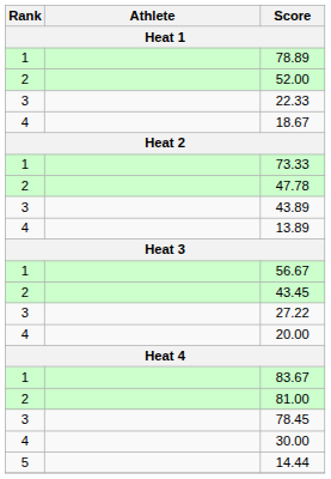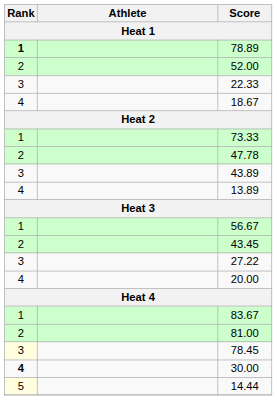 <table class="wikitable" style="text-align:center;">
 <tr>
 <th width=40>Rank</th>
 <th width=250>Athlete</th>
 <th width=70>Score</th>
 </tr>
 <tr>
 <th colspan=3>Heat 1</th>
 </tr>
 <tr bgcolor="ccffcc">
-<td>1</td>
+<td><strong>1</strong></td>
 <td align=left></td>
 <td>78.89</td>
 </tr>
 <tr bgcolor="ccffcc">
 <td>2</td>
 <td align=left></td>
 <td>52.00</td>
 </tr>
 <tr>
 <td>3</td>
 <td align=left></td>
 <td>22.33</td>
 </tr>
 <tr>
 <td>4</td>
 <td align=left></td>
 <td>18.67</td>
 </tr>
 <tr>
 <th colspan=3>Heat 2</th>
 </tr>
 <tr bgcolor="ccffcc">
 <td>1</td>
 <td align=left></td>
 <td>73.33</td>
 </tr>
 <tr bgcolor="ccffcc">
 <td>2</td>
 <td align=left></td>
 <td>47.78</td>
 </tr>
 <tr>
 <td>3</td>
 <td align=left></td>
 <td>43.89</td>
 </tr>
 <tr>
 <td>4</td>
 <td align=left></td>
 <td>13.89</td>
 </tr>
 <tr>
 <th colspan=3>Heat 3</th>
 </tr>
 <tr bgcolor="ccffcc">
 <td>1</td>
 <td align=left></td>
 <td>56.67</td>
 </tr>
 <tr bgcolor="ccffcc">
 <td>2</td>
 <td align=left></td>
 <td>43.45</td>
 </tr>
 <tr>
 <td>3</td>
 <td align=left></td>
 <td>27.22</td>
 </tr>
 <tr>
 <td>4</td>
 <td align=left></td>
 <td>20.00</td>
 </tr>
 <tr>
 <th colspan=3>Heat 4</th>
 </tr>
 <tr bgcolor="ccffcc">
 <td>1</td>
 <td align=left></td>
 <td>83.67</td>
 </tr>
 <tr bgcolor="ccffcc">
 <td>2</td>
 <td align=left></td>
 <td>81.00</td>
 </tr>
 <tr>
-<td>3</td>
+<td style="background: lightyellow;">3</td>
 <td align=left></td>
 <td>78.45</td>
 </tr>
 <tr>
-<td>4</td>
+<td><strong>4</strong></td>
 <td align=left></td>
 <td>30.00</td>
 </tr>
 <tr>
-<td>5</td>
+<td style="background: lightyellow;">5</td>
 <td align=left></td>
 <td>14.44</td>
 </tr>
 <tr>
 </tr>
 </table>
